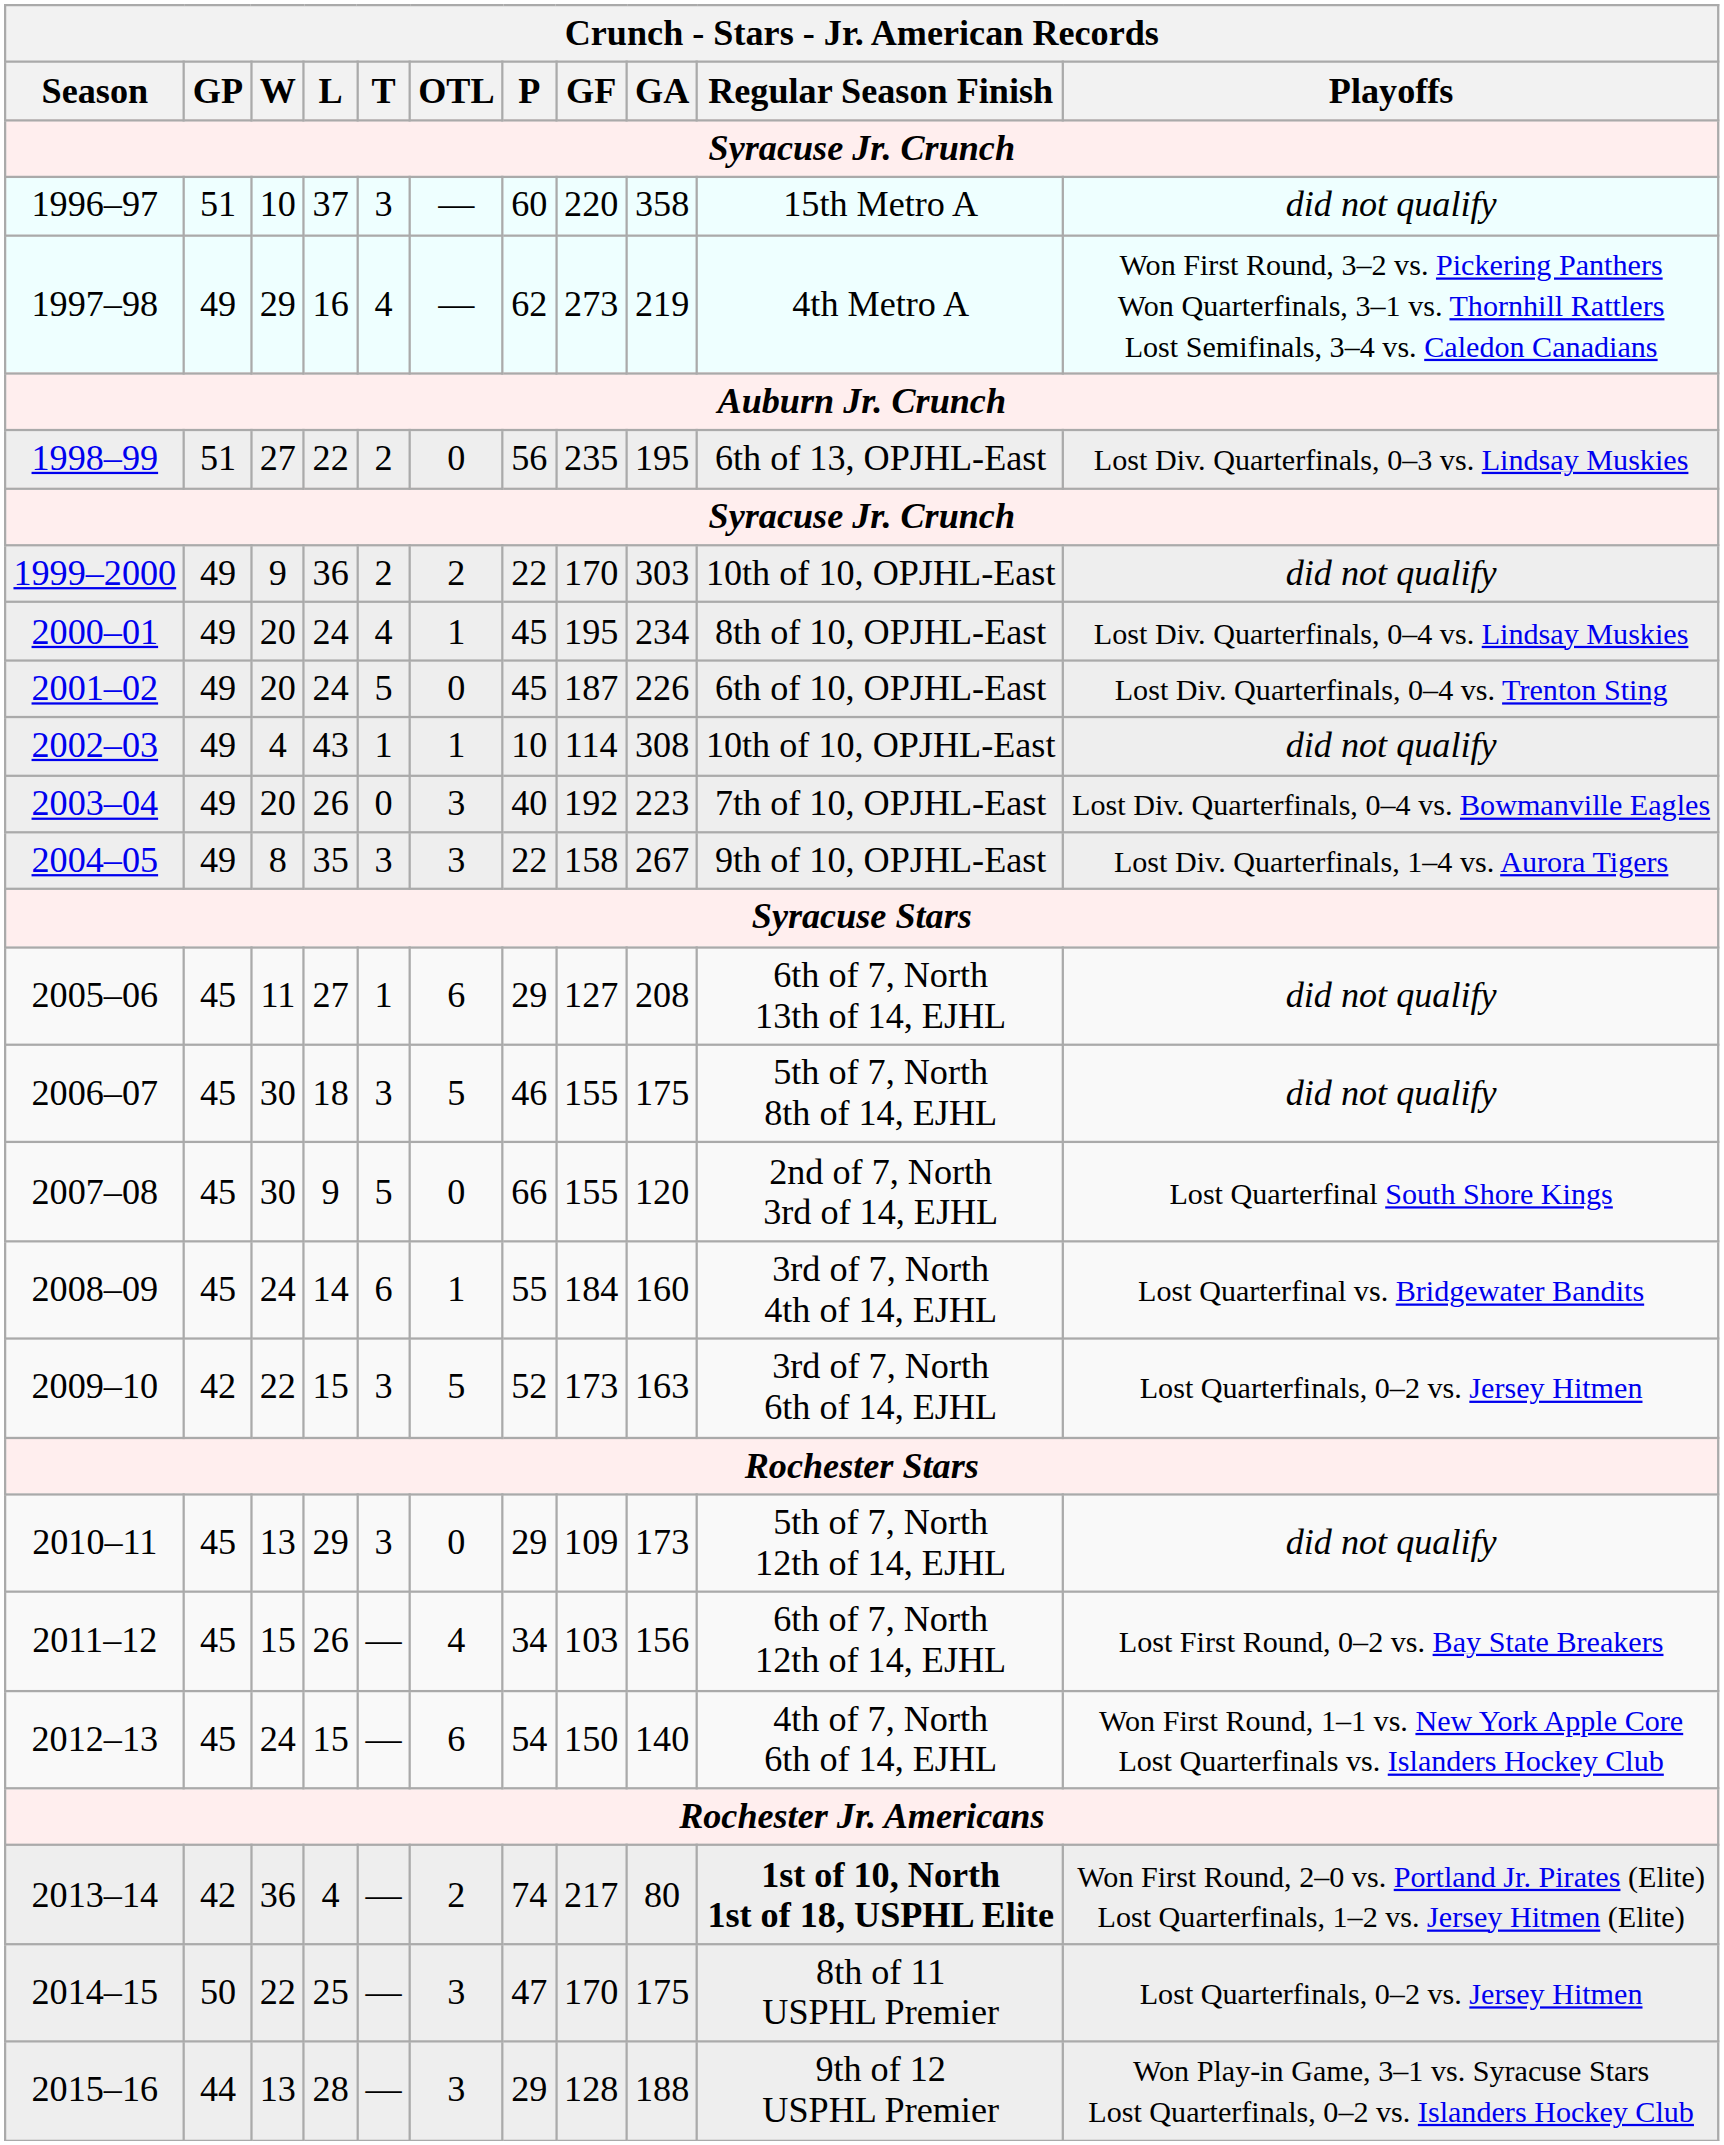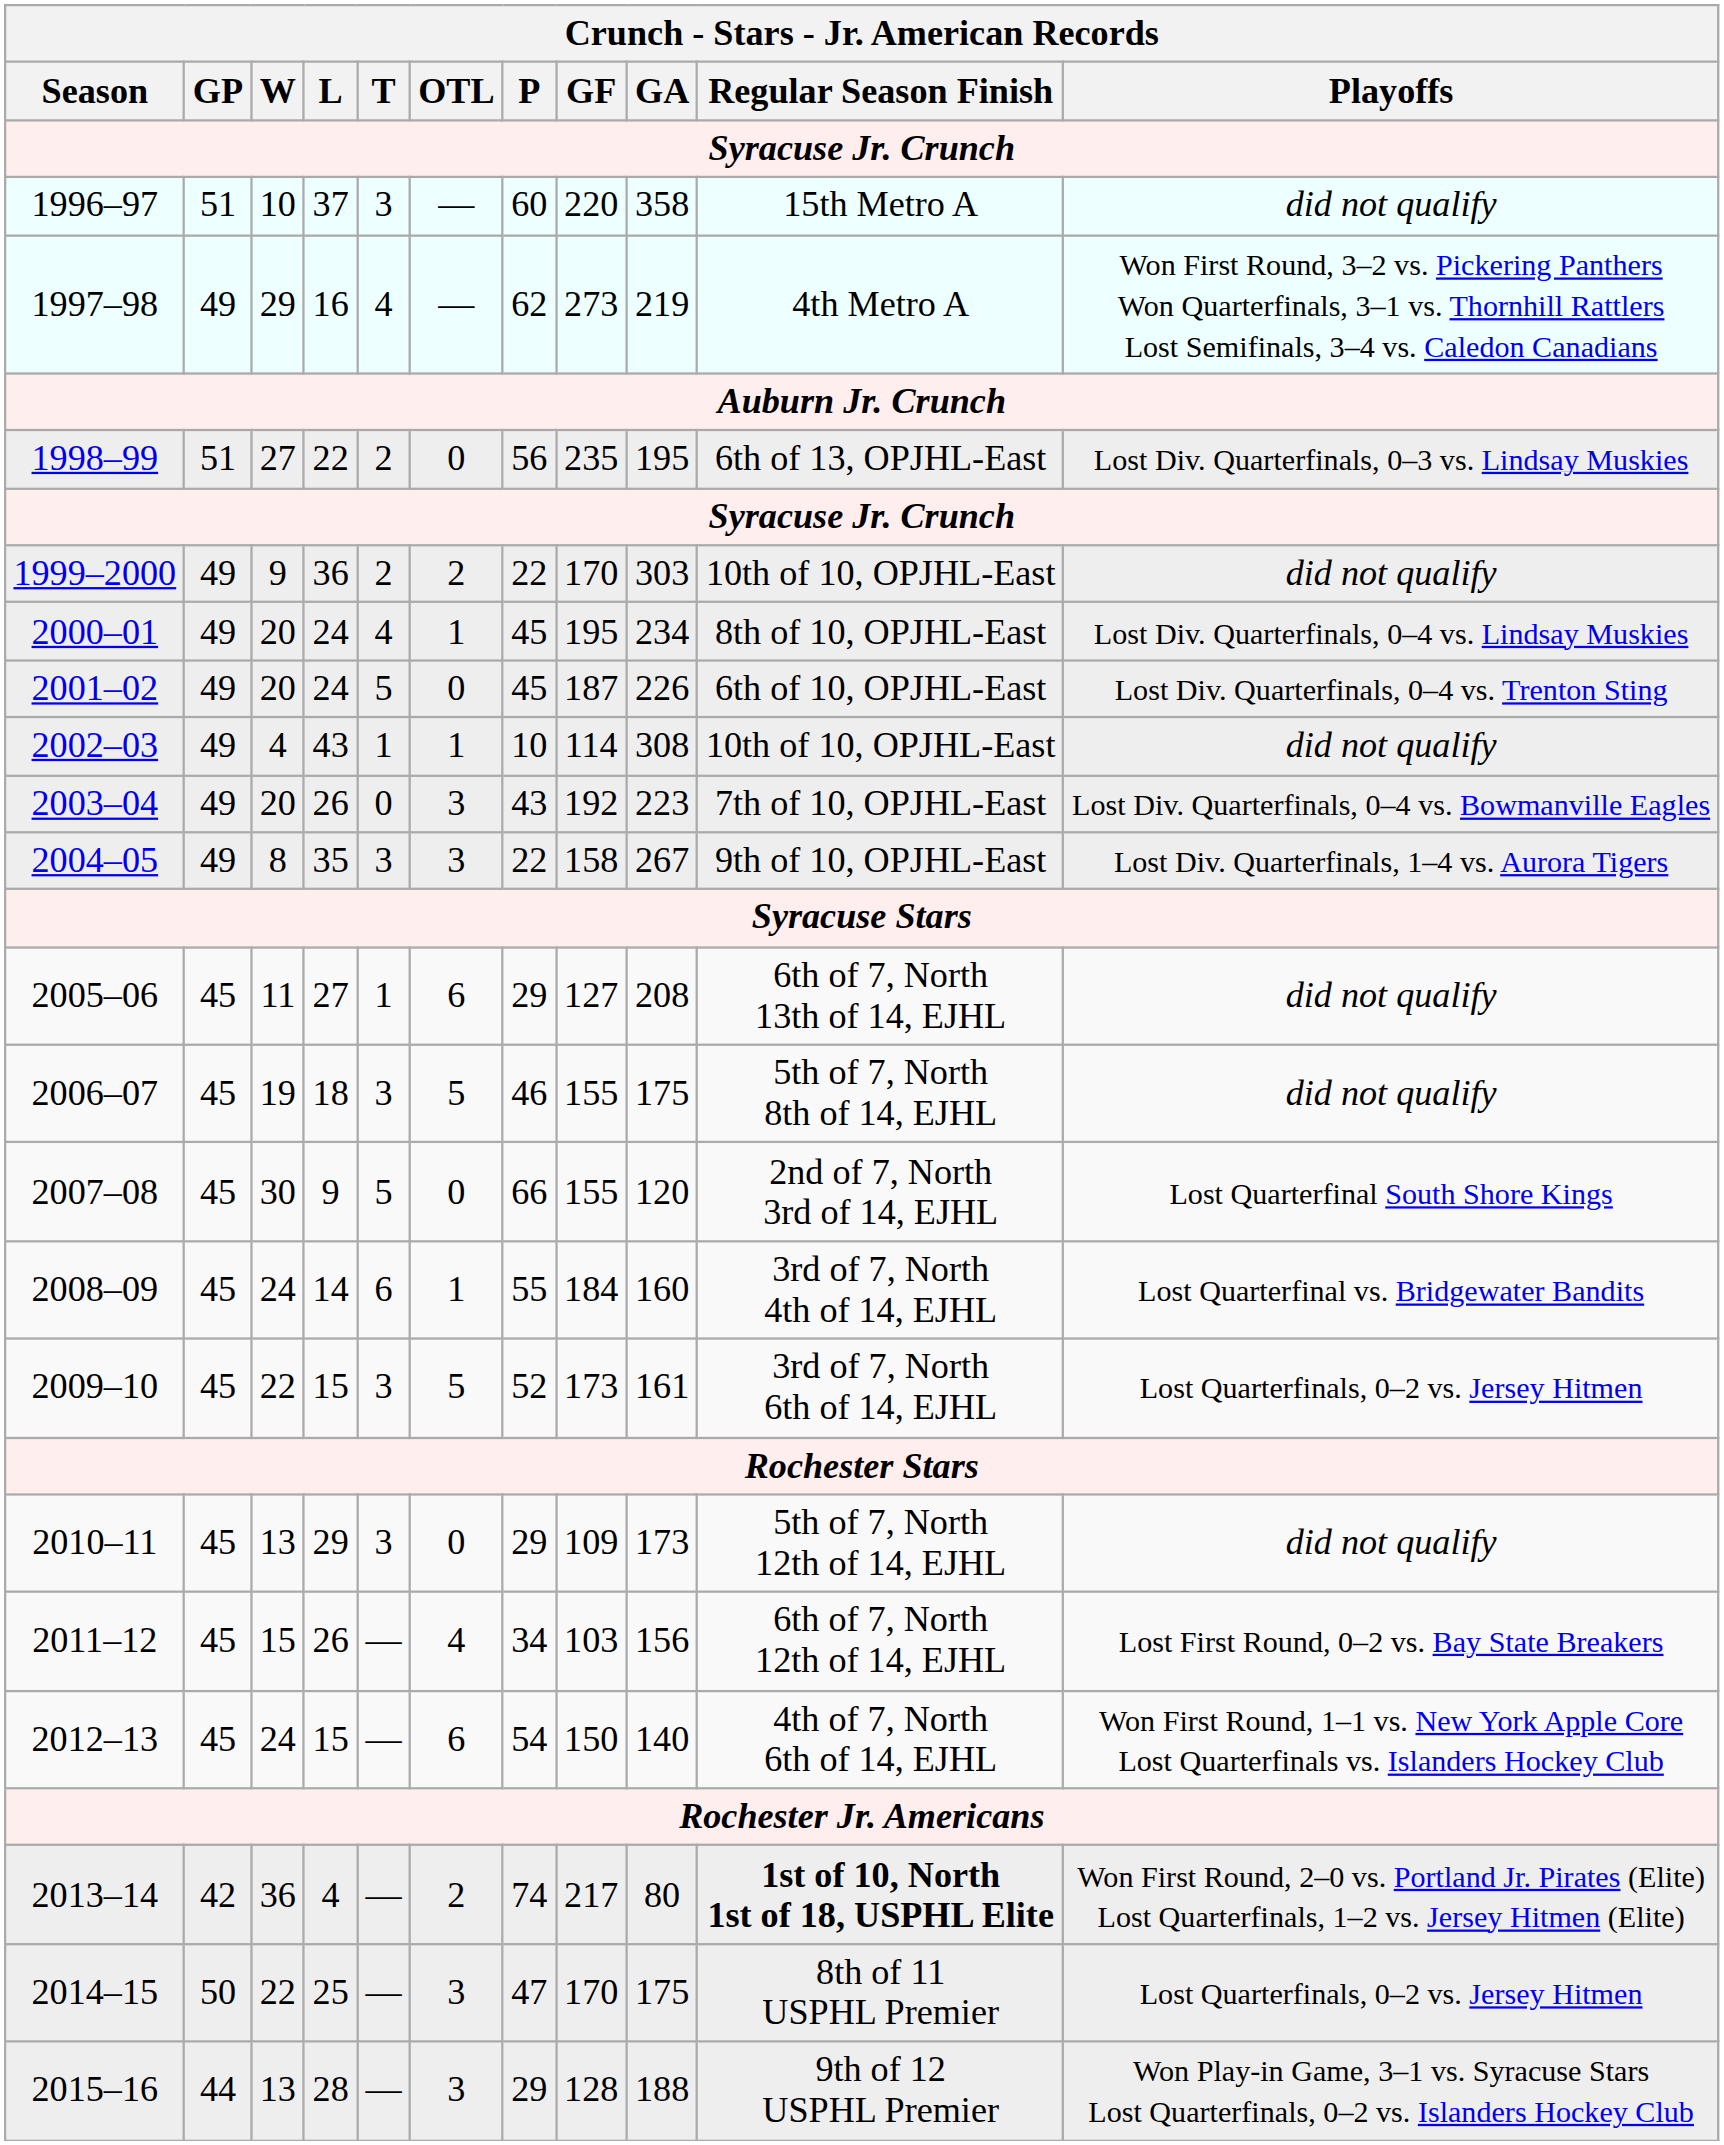 <table class="wikitable collapsible collapsed" style="text-align:center;">
 <tr>
 <th colspan=12 bgcolor="#822433" text_color=white><strong>Crunch - Stars - Jr. American Records</strong></th>
 </tr>
 <tr>
 <th>Season</th>
 <th>GP</th>
 <th>W</th>
 <th>L</th>
 <th>T</th>
 <th>OTL</th>
 <th>P</th>
 <th>GF</th>
 <th>GA</th>
 <th>Regular Season Finish</th>
 <th>Playoffs</th>
 </tr>
 <tr style="background:#fee;">
 <td colspan="11"><strong><em>Syracuse Jr. Crunch</em></strong></td>
 </tr>
 <tr style="background:#eff;">
 <td>1996–97</td>
 <td>51</td>
 <td>10</td>
 <td>37</td>
 <td>3</td>
 <td>—</td>
 <td>60</td>
 <td>220</td>
 <td>358</td>
 <td>15th Metro A</td>
 <td><em>did not qualify</em></td>
 </tr>
 <tr style="background:#eff;">
 <td>1997–98</td>
 <td>49</td>
 <td>29</td>
 <td>16</td>
 <td>4</td>
 <td>—</td>
 <td>62</td>
 <td>273</td>
 <td>219</td>
 <td>4th Metro A</td>
 <td><small>Won First Round, 3–2 vs. <a href='#'>Pickering Panthers</a><br>Won Quarterfinals, 3–1 vs. <a href='#'>Thornhill Rattlers</a><br>Lost Semifinals, 3–4 vs. <a href='#'>Caledon Canadians</a></small></td>
 </tr>
 <tr style="background:#fee;">
 <td colspan="11"><strong><em>Auburn Jr. Crunch</em></strong></td>
 </tr>
 <tr style="background:#eee;">
 <td><a href='#'>1998–99</a></td>
 <td>51</td>
 <td>27</td>
 <td>22</td>
 <td>2</td>
 <td>0</td>
 <td>56</td>
 <td>235</td>
 <td>195</td>
 <td>6th of 13, OPJHL-East</td>
 <td><small>Lost Div. Quarterfinals, 0–3 vs. <a href='#'>Lindsay Muskies</a></small></td>
 </tr>
 <tr style="background:#fee;">
 <td colspan="11"><strong><em>Syracuse Jr. Crunch</em></strong></td>
 </tr>
 <tr style="background:#eee;">
 <td><a href='#'>1999–2000</a></td>
 <td>49</td>
 <td>9</td>
 <td>36</td>
 <td>2</td>
 <td>2</td>
 <td>22</td>
 <td>170</td>
 <td>303</td>
 <td>10th of 10, OPJHL-East</td>
 <td><em>did not qualify</em></td>
 </tr>
 <tr style="background:#eee;">
 <td><a href='#'>2000–01</a></td>
 <td>49</td>
 <td>20</td>
 <td>24</td>
 <td>4</td>
 <td>1</td>
 <td>45</td>
 <td>195</td>
 <td>234</td>
 <td>8th of 10, OPJHL-East</td>
 <td><small>Lost Div. Quarterfinals, 0–4 vs. <a href='#'>Lindsay Muskies</a></small></td>
 </tr>
 <tr style="background:#eee;">
 <td><a href='#'>2001–02</a></td>
 <td>49</td>
 <td>20</td>
 <td>24</td>
 <td>5</td>
 <td>0</td>
 <td>45</td>
 <td>187</td>
 <td>226</td>
 <td>6th of 10, OPJHL-East</td>
 <td><small>Lost Div. Quarterfinals, 0–4 vs. <a href='#'>Trenton Sting</a></small></td>
 </tr>
 <tr style="background:#eee;">
 <td><a href='#'>2002–03</a></td>
 <td>49</td>
 <td>4</td>
 <td>43</td>
 <td>1</td>
 <td>1</td>
 <td>10</td>
 <td>114</td>
 <td>308</td>
 <td>10th of 10, OPJHL-East</td>
 <td><em>did not qualify</em></td>
 </tr>
 <tr style="background:#eee;">
 <td><a href='#'>2003–04</a></td>
 <td>49</td>
 <td>20</td>
 <td>26</td>
 <td>0</td>
 <td>3</td>
-<td>40</td>
+<td>43</td>
 <td>192</td>
 <td>223</td>
 <td>7th of 10, OPJHL-East</td>
 <td><small>Lost Div. Quarterfinals, 0–4 vs. <a href='#'>Bowmanville Eagles</a></small></td>
 </tr>
 <tr style="background:#eee;">
 <td><a href='#'>2004–05</a></td>
 <td>49</td>
 <td>8</td>
 <td>35</td>
 <td>3</td>
 <td>3</td>
 <td>22</td>
 <td>158</td>
 <td>267</td>
 <td>9th of 10, OPJHL-East</td>
 <td><small>Lost Div. Quarterfinals, 1–4 vs. <a href='#'>Aurora Tigers</a></small></td>
 </tr>
 <tr style="background:#fee;">
 <td colspan="11"><strong><em>Syracuse Stars</em></strong></td>
 </tr>
 <tr>
 <td>2005–06</td>
 <td>45</td>
 <td>11</td>
 <td>27</td>
 <td>1</td>
 <td>6</td>
 <td>29</td>
 <td>127</td>
 <td>208</td>
 <td>6th of 7, North<br>13th of 14, EJHL</td>
 <td><em>did not qualify</em></td>
 </tr>
 <tr>
 <td>2006–07</td>
 <td>45</td>
-<td>30</td>
+<td>19</td>
 <td>18</td>
 <td>3</td>
 <td>5</td>
 <td>46</td>
 <td>155</td>
 <td>175</td>
 <td>5th of 7, North<br>8th of 14, EJHL</td>
 <td><em>did not qualify</em></td>
 </tr>
 <tr>
 <td>2007–08</td>
 <td>45</td>
 <td>30</td>
 <td>9</td>
 <td>5</td>
 <td>0</td>
 <td>66</td>
 <td>155</td>
 <td>120</td>
 <td>2nd of 7, North<br>3rd of 14, EJHL</td>
 <td><small>Lost Quarterfinal <a href='#'>South Shore Kings</a></small></td>
 </tr>
 <tr>
 <td>2008–09</td>
 <td>45</td>
 <td>24</td>
 <td>14</td>
 <td>6</td>
 <td>1</td>
 <td>55</td>
 <td>184</td>
 <td>160</td>
 <td>3rd of 7, North<br>4th of 14, EJHL</td>
 <td><small>Lost Quarterfinal vs. <a href='#'>Bridgewater Bandits</a></small></td>
 </tr>
 <tr>
 <td>2009–10</td>
-<td>42</td>
+<td>45</td>
 <td>22</td>
 <td>15</td>
 <td>3</td>
 <td>5</td>
 <td>52</td>
 <td>173</td>
-<td>163</td>
+<td>161</td>
 <td>3rd of 7, North<br>6th of 14, EJHL</td>
 <td><small>Lost Quarterfinals, 0–2 vs. <a href='#'>Jersey Hitmen</a></small></td>
 </tr>
 <tr style="background:#fee;">
 <td colspan="11"><strong><em>Rochester Stars</em></strong></td>
 </tr>
 <tr>
 <td>2010–11</td>
 <td>45</td>
 <td>13</td>
 <td>29</td>
 <td>3</td>
 <td>0</td>
 <td>29</td>
 <td>109</td>
 <td>173</td>
 <td>5th of 7, North<br>12th of 14, EJHL</td>
 <td><em>did not qualify</em></td>
 </tr>
 <tr>
 <td>2011–12</td>
 <td>45</td>
 <td>15</td>
 <td>26</td>
 <td>—</td>
 <td>4</td>
 <td>34</td>
 <td>103</td>
 <td>156</td>
 <td>6th of 7, North<br>12th of 14, EJHL</td>
 <td><small>Lost First Round, 0–2 vs. <a href='#'>Bay State Breakers</a></small></td>
 </tr>
 <tr>
 <td>2012–13</td>
 <td>45</td>
 <td>24</td>
 <td>15</td>
 <td>—</td>
 <td>6</td>
 <td>54</td>
 <td>150</td>
 <td>140</td>
 <td>4th of 7, North<br>6th of 14, EJHL</td>
 <td><small>Won First Round, 1–1 vs. <a href='#'>New York Apple Core</a><br>Lost Quarterfinals vs. <a href='#'>Islanders Hockey Club</a></small></td>
 </tr>
 <tr style="background:#fee;">
 <td colspan="11"><strong><em>Rochester Jr. Americans</em></strong></td>
 </tr>
 <tr style="background:#eee;">
 <td>2013–14</td>
 <td>42</td>
 <td>36</td>
 <td>4</td>
 <td>—</td>
 <td>2</td>
 <td>74</td>
 <td>217</td>
 <td>80</td>
 <td><strong>1st of 10, North</strong><br><strong>1st of 18, USPHL Elite</strong></td>
 <td><small>Won First Round, 2–0 vs. <a href='#'>Portland Jr. Pirates</a> (Elite)<br>Lost Quarterfinals, 1–2 vs. <a href='#'>Jersey Hitmen</a> (Elite)</small></td>
 </tr>
 <tr style="background:#eee;">
 <td>2014–15</td>
 <td>50</td>
 <td>22</td>
 <td>25</td>
 <td>—</td>
 <td>3</td>
 <td>47</td>
 <td>170</td>
 <td>175</td>
 <td>8th of 11<br> USPHL Premier</td>
 <td><small>Lost Quarterfinals, 0–2 vs. <a href='#'>Jersey Hitmen</a></small></td>
 </tr>
 <tr style="background:#eee;">
 <td>2015–16</td>
 <td>44</td>
 <td>13</td>
 <td>28</td>
 <td>—</td>
 <td>3</td>
 <td>29</td>
 <td>128</td>
 <td>188</td>
 <td>9th of 12<br> USPHL Premier</td>
 <td><small>Won Play-in Game, 3–1 vs. Syracuse Stars<br>Lost Quarterfinals, 0–2 vs. <a href='#'>Islanders Hockey Club</a></small></td>
 </tr>
 </table>
